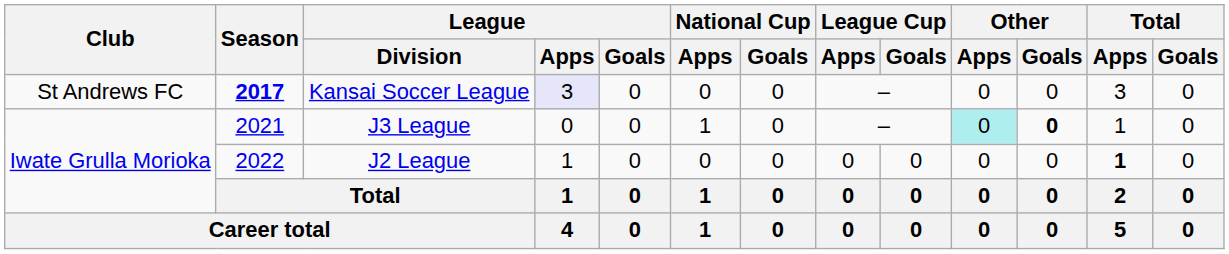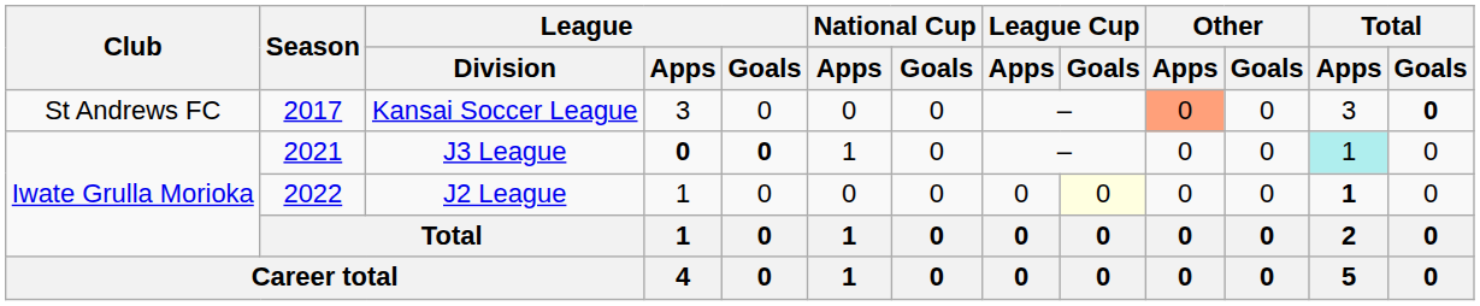 <table class="wikitable" style="text-align: center">
 <tr>
 <th rowspan="2">Club</th>
 <th rowspan="2">Season</th>
 <th colspan="3">League</th>
 <th colspan="2">National Cup</th>
 <th colspan="2">League Cup</th>
 <th colspan="2">Other</th>
 <th colspan="2">Total</th>
 </tr>
 <tr>
 <th>Division</th>
 <th>Apps</th>
 <th>Goals</th>
 <th>Apps</th>
 <th>Goals</th>
 <th>Apps</th>
 <th>Goals</th>
 <th>Apps</th>
 <th>Goals</th>
 <th>Apps</th>
 <th>Goals</th>
 </tr>
 <tr>
 <td>St Andrews FC</td>
-<td><strong><a href='#'>2017</a></strong></td>
+<td><a href='#'>2017</a></td>
 <td><a href='#'>Kansai Soccer League</a></td>
-<td style="background: lavender;">3</td>
+<td>3</td>
 <td>0</td>
 <td>0</td>
 <td>0</td>
 <td colspan="2">–</td>
-<td>0</td>
+<td style="background: lightsalmon;">0</td>
 <td>0</td>
 <td>3</td>
-<td>0</td>
+<td><strong>0</strong></td>
 </tr>
 <tr>
 <td rowspan="3"><a href='#'>Iwate Grulla Morioka</a></td>
 <td><a href='#'>2021</a></td>
 <td><a href='#'>J3 League</a></td>
-<td>0</td>
-<td>0</td>
+<td><strong>0</strong></td>
+<td><strong>0</strong></td>
 <td>1</td>
 <td>0</td>
 <td colspan="2">–</td>
-<td style="background: paleturquoise;">0</td>
-<td><strong>0</strong></td>
-<td>1</td>
+<td>0</td>
+<td>0</td>
+<td style="background: paleturquoise;">1</td>
 <td>0</td>
 </tr>
 <tr>
 <td><a href='#'>2022</a></td>
 <td><a href='#'>J2 League</a></td>
 <td>1</td>
 <td>0</td>
 <td>0</td>
 <td>0</td>
 <td>0</td>
-<td>0</td>
+<td style="background: lightyellow;">0</td>
 <td>0</td>
 <td>0</td>
 <td><strong>1</strong></td>
 <td>0</td>
 </tr>
 <tr>
 <th colspan=2>Total</th>
 <th>1</th>
 <th>0</th>
 <th>1</th>
 <th>0</th>
 <th>0</th>
 <th>0</th>
 <th>0</th>
 <th>0</th>
 <th>2</th>
 <th>0</th>
 </tr>
 <tr>
 <th colspan=3>Career total</th>
 <th>4</th>
 <th>0</th>
 <th>1</th>
 <th>0</th>
 <th>0</th>
 <th>0</th>
 <th>0</th>
 <th>0</th>
 <th>5</th>
 <th>0</th>
 </tr>
 </table>
